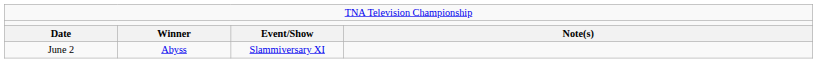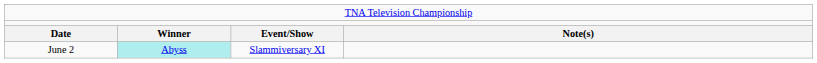 <table class="wikitable" style="text-align:center; width:100%;">
 <tr>
 <td colspan="5"><a href='#'>TNA Television Championship</a></td>
 </tr>
 <tr>
 <td colspan="5"><strong></strong></td>
 </tr>
 <tr>
 <th width="14%">Date</th>
 <th width="14%">Winner</th>
 <th width="14%">Event/Show</th>
 <th width="58%">Note(s)</th>
 </tr>
 <tr>
 <td>June 2</td>
-<td><a href='#'>Abyss</a></td>
+<td style="background: paleturquoise;"><a href='#'>Abyss</a></td>
 <td><a href='#'>Slammiversary XI</a></td>
 <td></td>
 </tr>
 </table>
